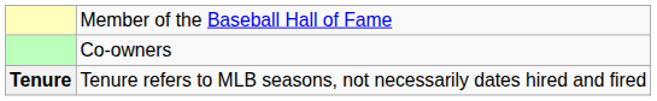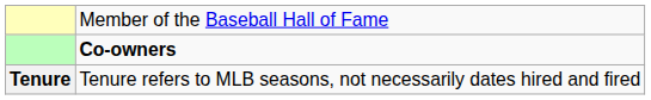 <table class=wikitable>
 <tr>
 <th scope="row" style="background:#ffb;"></th>
 <td>Member of the <a href='#'>Baseball Hall of Fame</a></td>
 </tr>
 <tr>
 <th scope="row" style="background:#bfb;"></th>
-<td>Co-owners</td>
+<td><strong>Co-owners</strong></td>
 </tr>
 <tr>
 <th scope="row">Tenure</th>
 <td>Tenure refers to MLB seasons, not necessarily dates hired and fired</td>
 </tr>
 </table>
